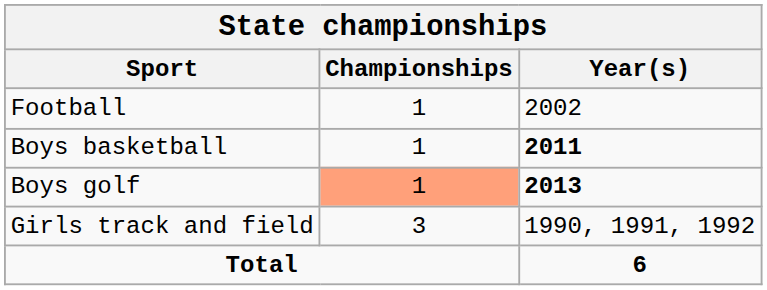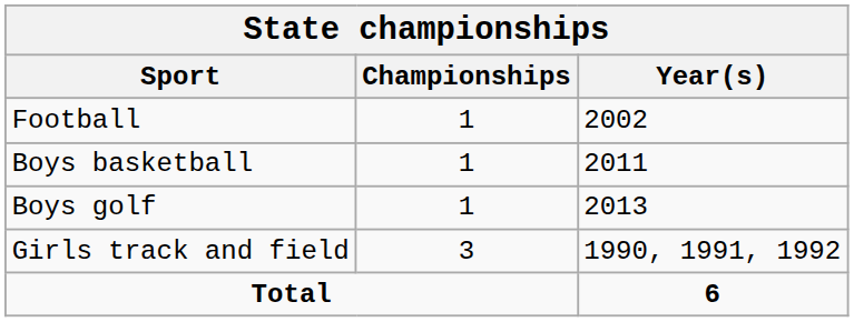 <table class="wikitable">
 <tr>
 <th colspan="4"><big>State championships</big></th>
 </tr>
 <tr>
 <th>Sport</th>
 <th>Championships</th>
 <th>Year(s)</th>
 </tr>
 <tr>
 <td>Football</td>
 <td style="text-align:center;">1</td>
 <td>2002</td>
 </tr>
 <tr>
 <td>Boys basketball</td>
 <td style="text-align:center;">1</td>
-<td><strong>2011</strong></td>
+<td>2011</td>
 </tr>
 <tr>
 <td>Boys golf</td>
-<td style="background: lightsalmon; text-align:center;">1</td>
-<td><strong>2013</strong></td>
+<td style="text-align:center;">1</td>
+<td>2013</td>
 </tr>
 <tr>
 <td>Girls track and field</td>
 <td style="text-align:center;">3</td>
 <td>1990, 1991, 1992</td>
 </tr>
 <tr style="text-align:center;">
 <td colspan="2"><strong>Total</strong></td>
 <td style="text-align:center;"><strong>6</strong></td>
 </tr>
 </table>
